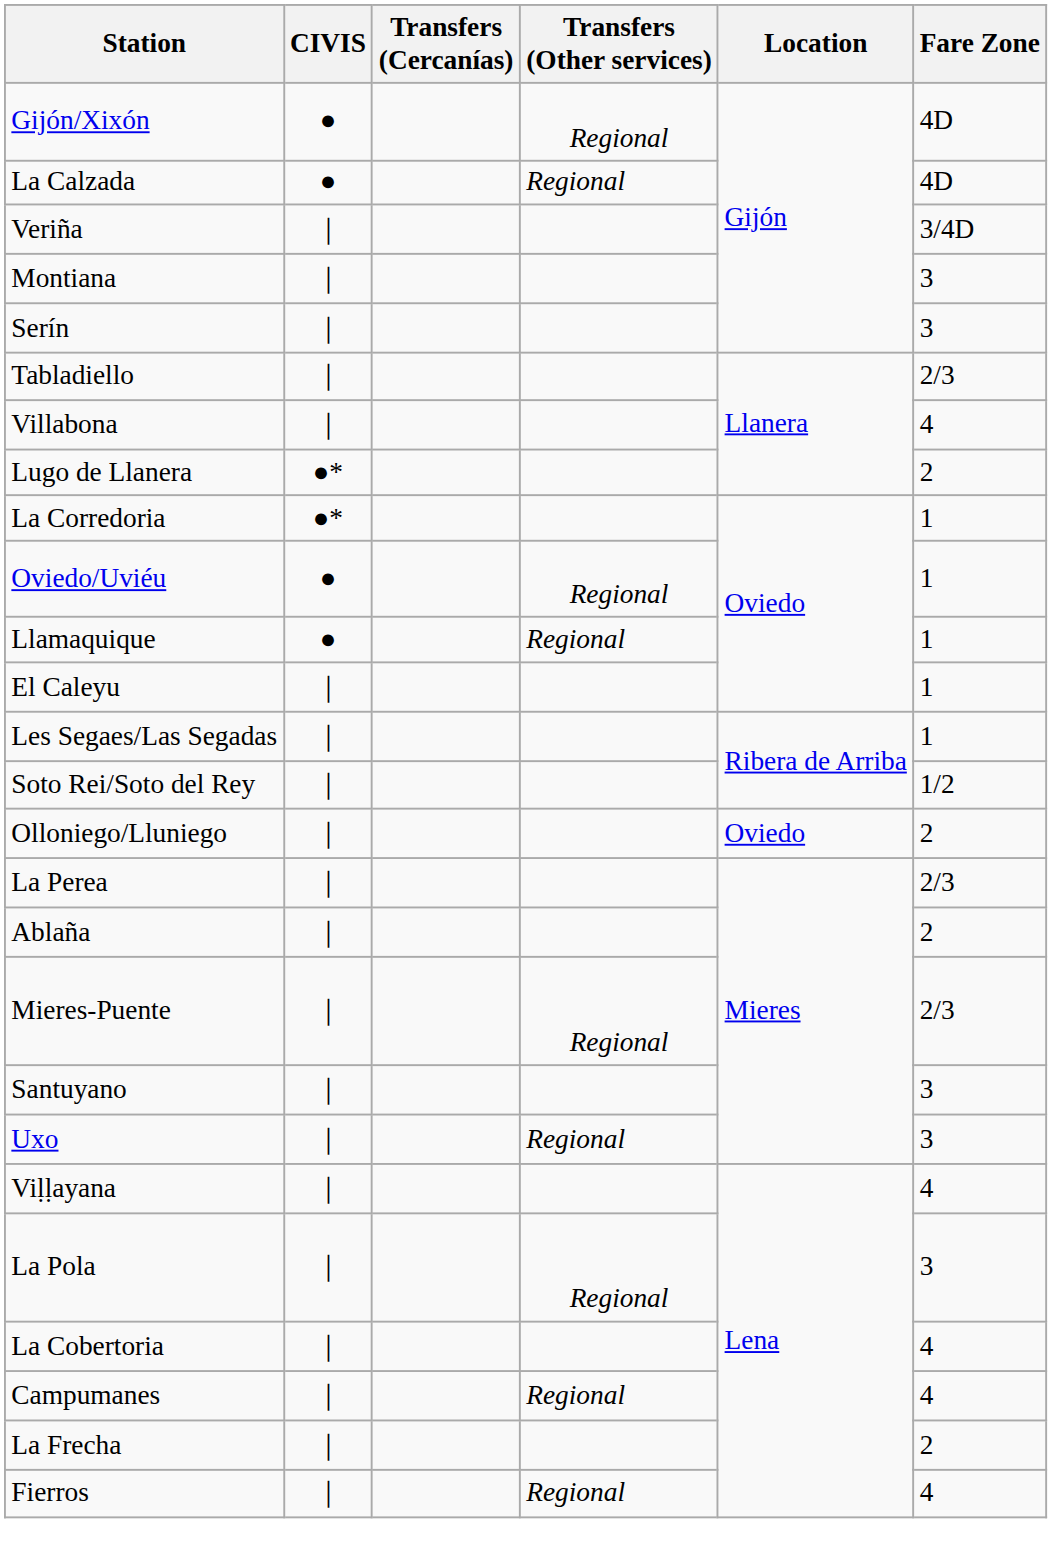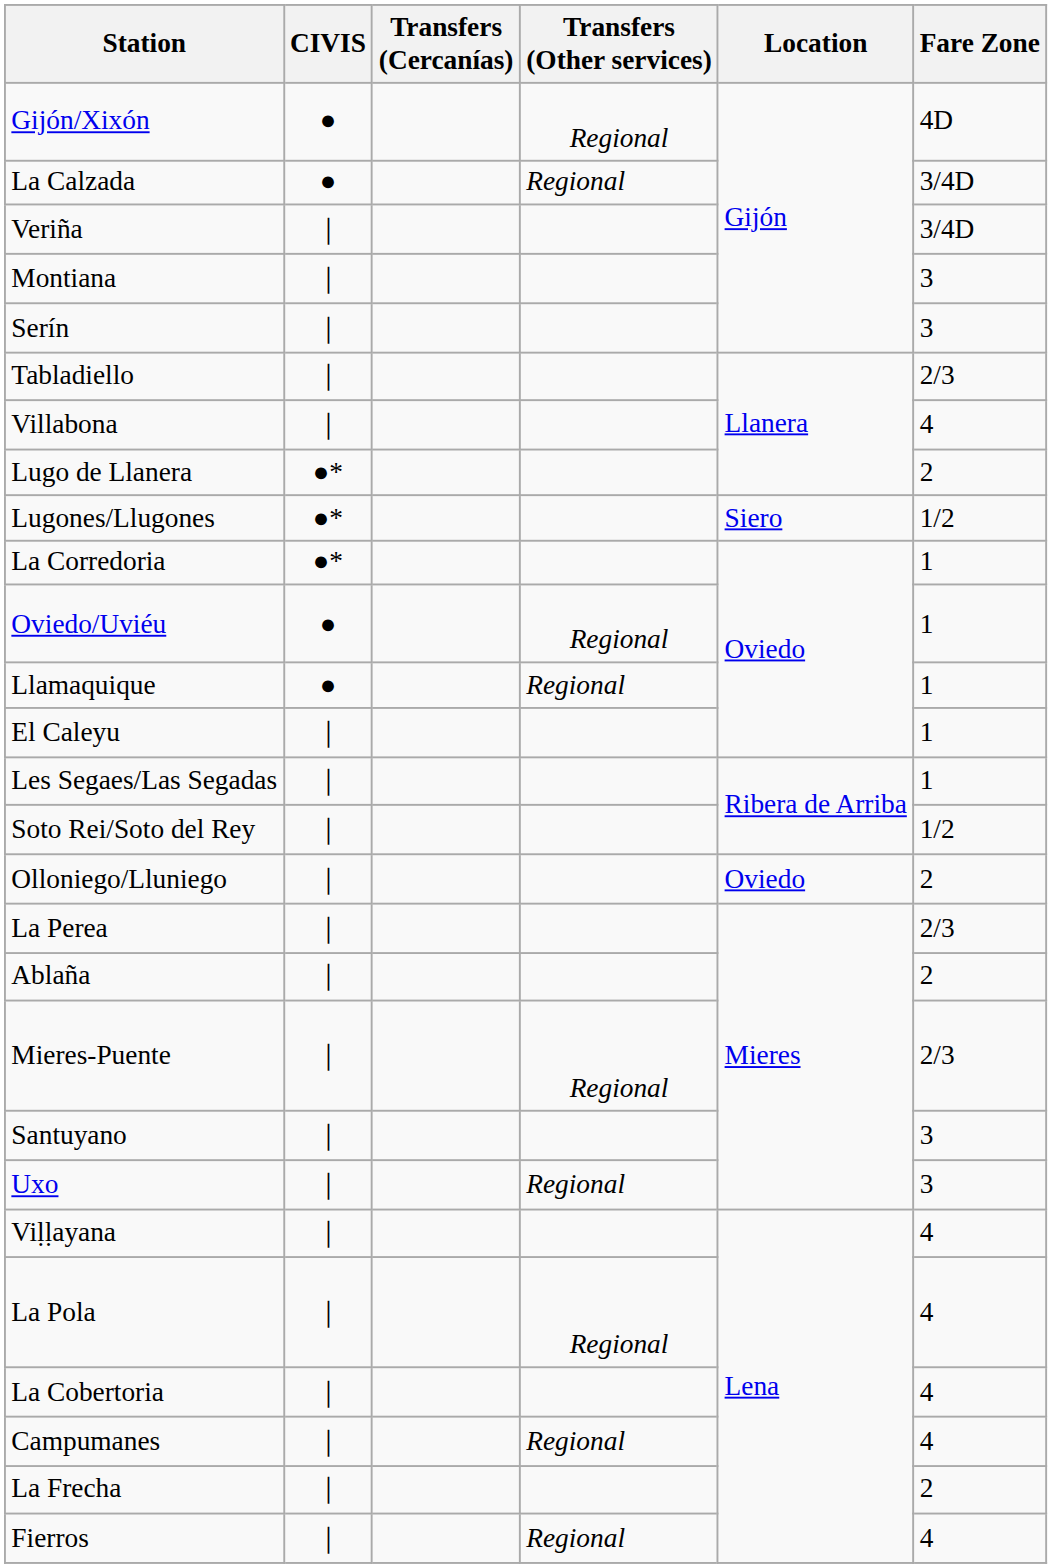 <table class="wikitable" style="font-size:90%">
 <tr>
 <th>Station</th>
 <th>CIVIS</th>
 <th><strong>Transfers</strong><br>(Cercanías)</th>
 <th>Transfers<br>(Other services)</th>
 <th>Location</th>
 <th>Fare Zone</th>
 </tr>
 <tr>
 <td><a href='#'>Gijón/Xixón</a></td>
 <td align="center">●</td>
 <td align="center"></td>
 <td align="center"><br>    <em>Regional</em></td>
 <td rowspan="5"><a href='#'>Gijón</a></td>
 <td>4D</td>
 </tr>
 <tr>
 <td>La Calzada</td>
 <td align="center">●</td>
 <td></td>
 <td><em>Regional</em></td>
-<td>4D</td>
+<td>3/4D</td>
 </tr>
 <tr>
 <td>Veriña</td>
 <td align="center">｜</td>
 <td align="center"></td>
 <td></td>
 <td>3/4D</td>
 </tr>
 <tr>
 <td>Montiana</td>
 <td align="center">｜</td>
 <td></td>
 <td></td>
 <td>3</td>
 </tr>
 <tr>
 <td>Serín</td>
 <td align="center">｜</td>
 <td></td>
 <td></td>
 <td>3</td>
 </tr>
 <tr>
 <td>Tabladiello</td>
 <td align="center">｜</td>
 <td></td>
 <td></td>
 <td rowspan="3"><a href='#'>Llanera</a></td>
 <td>2/3</td>
 </tr>
 <tr>
 <td>Villabona</td>
 <td align="center">｜</td>
 <td align="center"></td>
 <td></td>
 <td>4</td>
 </tr>
 <tr>
 <td>Lugo de Llanera</td>
 <td align="center">●*</td>
 <td align="center"></td>
 <td></td>
 <td>2</td>
+</tr>
+<tr>
+<td>Lugones/Llugones</td>
+<td align="center">●*</td>
+<td align="center"></td>
+<td></td>
+<td><a href='#'>Siero</a></td>
+<td>1/2</td>
 </tr>
 <tr>
 <td>La Corredoria</td>
 <td align="center">●*</td>
 <td align="center"></td>
 <td></td>
 <td rowspan="4"><a href='#'>Oviedo</a></td>
 <td>1</td>
 </tr>
 <tr>
 <td><a href='#'>Oviedo/Uviéu</a></td>
 <td align="center">●</td>
 <td align="center"></td>
 <td align="center"><br>    <em>Regional</em></td>
 <td>1</td>
 </tr>
 <tr>
 <td>Llamaquique</td>
 <td align="center">●</td>
 <td align="center"></td>
 <td><em>Regional</em></td>
 <td>1</td>
 </tr>
 <tr>
 <td>El Caleyu</td>
 <td align="center">｜</td>
 <td align="center"></td>
 <td></td>
 <td>1</td>
 </tr>
 <tr>
 <td>Les Segaes/Las Segadas</td>
 <td align="center">｜</td>
 <td align="center"></td>
 <td></td>
 <td rowspan="2"><a href='#'>Ribera de Arriba</a></td>
 <td>1</td>
 </tr>
 <tr>
 <td>Soto Rei/Soto del Rey</td>
 <td align="center">｜</td>
 <td align="center"></td>
 <td></td>
 <td>1/2</td>
 </tr>
 <tr>
 <td>Olloniego/Lluniego</td>
 <td align="center">｜</td>
 <td></td>
 <td></td>
 <td><a href='#'>Oviedo</a></td>
 <td>2</td>
 </tr>
 <tr>
 <td>La Perea</td>
 <td align="center">｜</td>
 <td align="center"></td>
 <td></td>
 <td rowspan="5"><a href='#'>Mieres</a></td>
 <td>2/3</td>
 </tr>
 <tr>
 <td>Ablaña</td>
 <td align="center">｜</td>
 <td align="center"></td>
 <td></td>
 <td>2</td>
 </tr>
 <tr>
 <td>Mieres-Puente</td>
 <td align="center">｜</td>
 <td align="center"></td>
 <td align="center"><br>   <br><em>Regional</em></td>
 <td>2/3</td>
 </tr>
 <tr>
 <td>Santuyano</td>
 <td align="center">｜</td>
 <td></td>
 <td></td>
 <td>3</td>
 </tr>
 <tr>
 <td><a href='#'>Uxo</a></td>
 <td align="center">｜</td>
 <td></td>
 <td><em>Regional</em></td>
 <td>3</td>
 </tr>
 <tr>
 <td>Viḷḷayana</td>
 <td align="center">｜</td>
 <td></td>
 <td></td>
 <td rowspan="6"><a href='#'>Lena</a></td>
 <td>4</td>
 </tr>
 <tr>
 <td>La Pola</td>
 <td align="center">｜</td>
 <td></td>
 <td align="center"><br>   <br><em>Regional</em></td>
-<td>3</td>
+<td>4</td>
 </tr>
 <tr>
 <td>La Cobertoria</td>
 <td align="center">｜</td>
 <td></td>
 <td></td>
 <td>4</td>
 </tr>
 <tr>
 <td>Campumanes</td>
 <td align="center">｜</td>
 <td></td>
 <td><em>Regional</em></td>
 <td>4</td>
 </tr>
 <tr>
 <td>La Frecha</td>
 <td align="center">｜</td>
 <td></td>
 <td></td>
 <td>2</td>
 </tr>
 <tr>
 <td>Fierros</td>
 <td align="center">｜</td>
 <td></td>
 <td><em>Regional</em></td>
 <td>4</td>
 </tr>
 </table>
